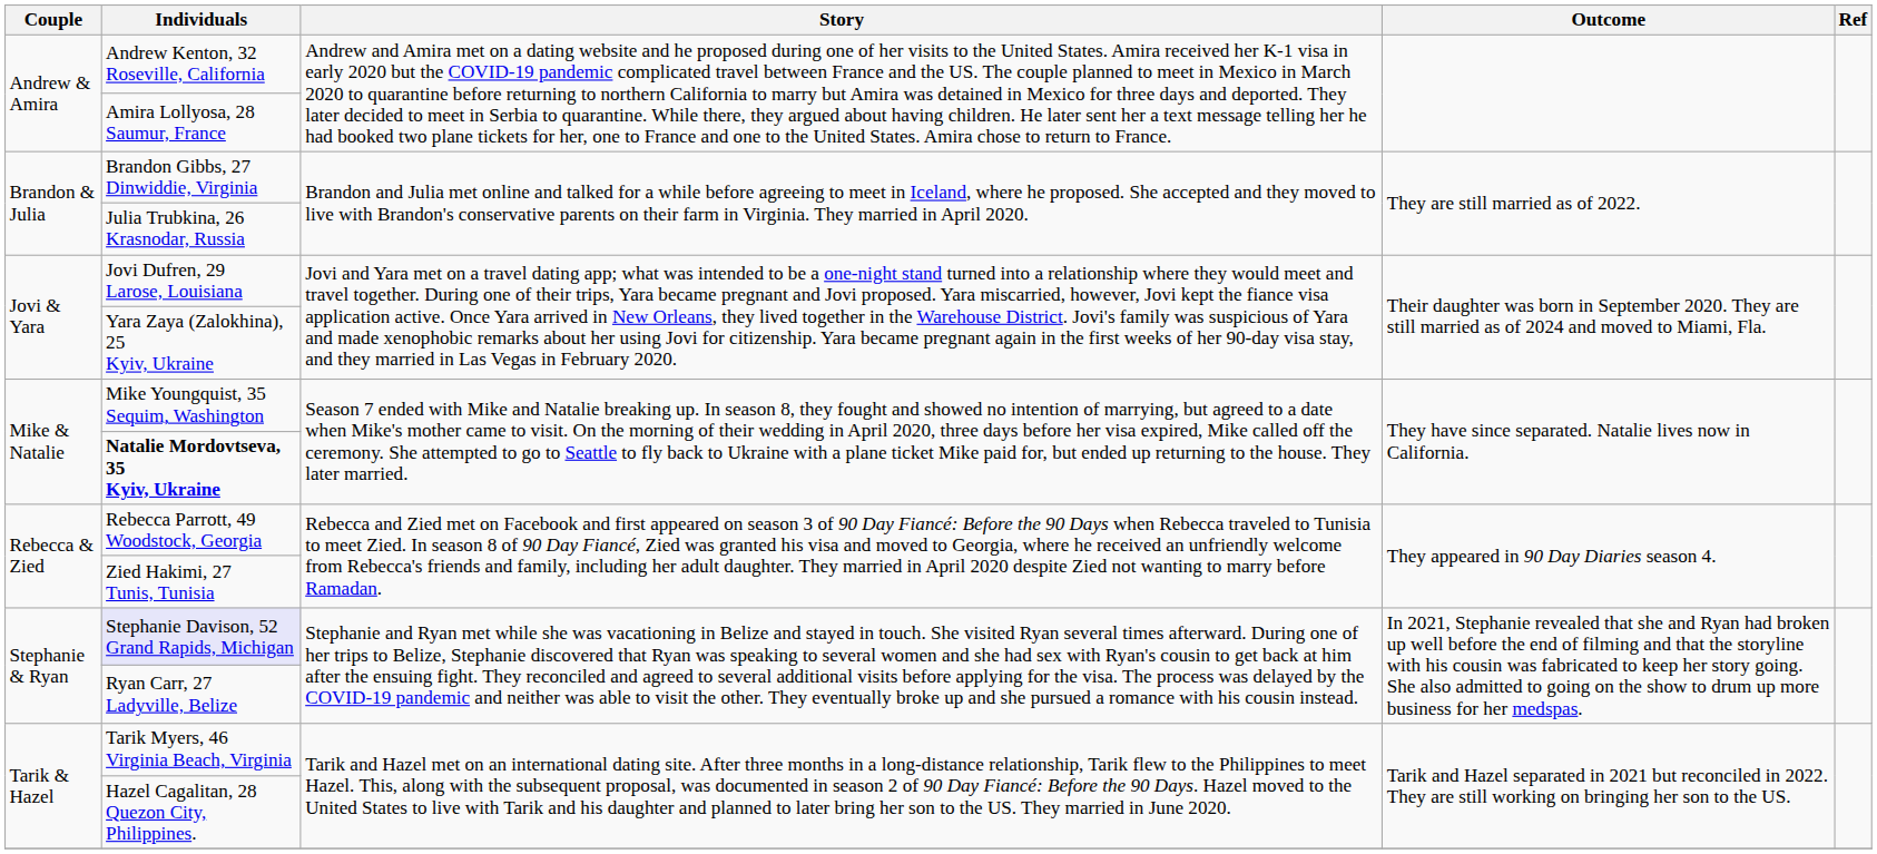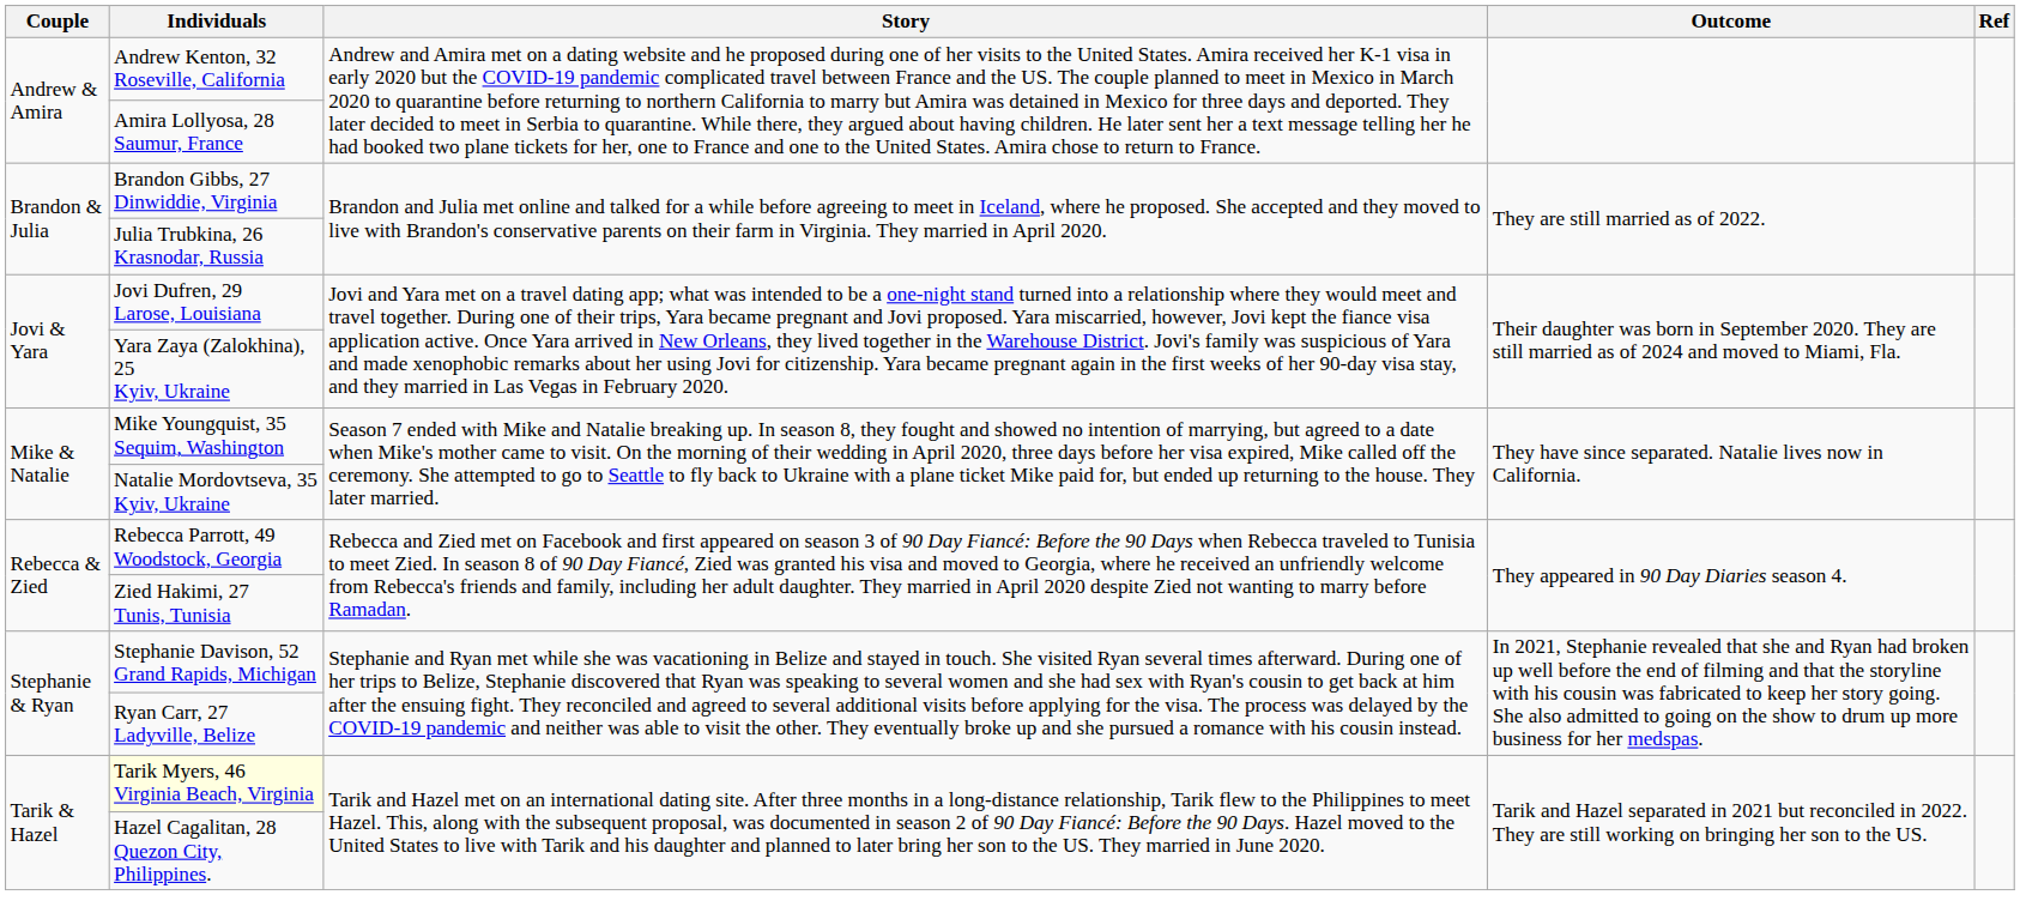 <table class="wikitable sortable">
 <tr>
 <th>Couple</th>
 <th style=width:10em>Individuals</th>
 <th>Story</th>
 <th>Outcome</th>
 <th style=width:1em>Ref</th>
 </tr>
 <tr>
 <td rowspan="2">Andrew & Amira</td>
 <td>Andrew Kenton, 32<br><a href='#'>Roseville, California</a></td>
 <td rowspan="2">Andrew and Amira met on a dating website and he proposed during one of her visits to the United States. Amira received her K-1 visa in early 2020 but the <a href='#'>COVID-19 pandemic</a> complicated travel between France and the US. The couple planned to meet in Mexico in March 2020 to quarantine before returning to northern California to marry but Amira was detained in Mexico for three days and deported. They later decided to meet in Serbia to quarantine. While there, they argued about having children. He later sent her a text message telling her he had booked two plane tickets for her, one to France and one to the United States. Amira chose to return to France.</td>
 <td rowspan="2"></td>
 <td rowspan="2"></td>
 </tr>
 <tr>
 <td>Amira Lollyosa, 28<br><a href='#'>Saumur, France</a></td>
 </tr>
 <tr>
 <td rowspan="2">Brandon & Julia</td>
 <td>Brandon Gibbs, 27<br><a href='#'>Dinwiddie, Virginia</a></td>
 <td rowspan="2">Brandon and Julia met online and talked for a while before agreeing to meet in <a href='#'>Iceland</a>, where he proposed. She accepted and they moved to live with Brandon's conservative parents on their farm in Virginia. They married in April 2020.</td>
 <td rowspan="2">They are still married as of 2022.</td>
 <td rowspan="2"></td>
 </tr>
 <tr>
 <td>Julia Trubkina, 26<br><a href='#'>Krasnodar, Russia</a></td>
 </tr>
 <tr>
 <td rowspan="2">Jovi & Yara</td>
 <td>Jovi Dufren, 29<br><a href='#'>Larose, Louisiana</a></td>
 <td rowspan="2">Jovi and Yara met on a travel dating app; what was intended to be a <a href='#'>one-night stand</a> turned into a relationship where they would meet and travel together. During one of their trips, Yara became pregnant and Jovi proposed. Yara miscarried, however, Jovi kept the fiance visa application active. Once Yara arrived in <a href='#'>New Orleans</a>, they lived together in the <a href='#'>Warehouse District</a>. Jovi's family was suspicious of Yara and made xenophobic remarks about her using Jovi for citizenship. Yara became pregnant again in the first weeks of her 90-day visa stay, and they married in Las Vegas in February 2020.</td>
 <td rowspan="2">Their daughter was born in September 2020. They are still married as of 2024 and moved to Miami, Fla.</td>
 <td rowspan="2"></td>
 </tr>
 <tr>
 <td>Yara Zaya (Zalokhina), 25<br><a href='#'>Kyiv, Ukraine</a></td>
 </tr>
 <tr>
 <td rowspan="2">Mike & Natalie</td>
 <td>Mike Youngquist, 35<br><a href='#'>Sequim, Washington</a></td>
 <td rowspan="2">Season 7 ended with Mike and Natalie breaking up. In season 8, they fought and showed no intention of marrying, but agreed to a date when Mike's mother came to visit. On the morning of their wedding in April 2020, three days before her visa expired, Mike called off the ceremony. She attempted to go to <a href='#'>Seattle</a> to fly back to Ukraine with a plane ticket Mike paid for, but ended up returning to the house. They later married.</td>
 <td rowspan="2">They have since separated. Natalie lives now in California.</td>
 <td rowspan="2"></td>
 </tr>
 <tr>
-<td><strong>Natalie Mordovtseva, 35<br><a href='#'>Kyiv, Ukraine</a></strong></td>
+<td>Natalie Mordovtseva, 35<br><a href='#'>Kyiv, Ukraine</a></td>
 </tr>
 <tr>
 <td rowspan="2">Rebecca & Zied</td>
 <td>Rebecca Parrott, 49<br><a href='#'>Woodstock, Georgia</a></td>
 <td rowspan="2">Rebecca and Zied met on Facebook and first appeared on season 3 of <em>90 Day Fiancé: Before the 90 Days</em> when Rebecca traveled to Tunisia to meet Zied. In season 8 of <em>90 Day Fiancé</em>, Zied was granted his visa and moved to Georgia, where he received an unfriendly welcome from Rebecca's friends and family, including her adult daughter. They married in April 2020 despite Zied not wanting to marry before <a href='#'>Ramadan</a>.</td>
 <td rowspan="2">They appeared in <em>90 Day Diaries</em> season 4.</td>
 <td rowspan="2"></td>
 </tr>
 <tr>
 <td>Zied Hakimi, 27<br><a href='#'>Tunis, Tunisia</a></td>
 </tr>
 <tr>
 <td rowspan="2">Stephanie & Ryan</td>
-<td style="background: lavender;">Stephanie Davison, 52<br><a href='#'>Grand Rapids, Michigan</a></td>
+<td>Stephanie Davison, 52<br><a href='#'>Grand Rapids, Michigan</a></td>
 <td rowspan="2">Stephanie and Ryan met while she was vacationing in Belize and stayed in touch. She visited Ryan several times afterward. During one of her trips to Belize, Stephanie discovered that Ryan was speaking to several women and she had sex with Ryan's cousin to get back at him after the ensuing fight. They reconciled and agreed to several additional visits before applying for the visa. The process was delayed by the <a href='#'>COVID-19 pandemic</a> and neither was able to visit the other. They eventually broke up and she pursued a romance with his cousin instead.</td>
 <td rowspan="2">In 2021, Stephanie revealed that she and Ryan had broken up well before the end of filming and that the storyline with his cousin was fabricated to keep her story going. She also admitted to going on the show to drum up more business for her <a href='#'>medspas</a>.</td>
 <td rowspan="2"></td>
 </tr>
 <tr>
 <td>Ryan Carr, 27<br><a href='#'>Ladyville, Belize</a></td>
 </tr>
 <tr>
 <td rowspan="2">Tarik & Hazel</td>
-<td>Tarik Myers, 46<br><a href='#'>Virginia Beach, Virginia</a></td>
+<td style="background: lightyellow;">Tarik Myers, 46<br><a href='#'>Virginia Beach, Virginia</a></td>
 <td rowspan="2">Tarik and Hazel met on an international dating site. After three months in a long-distance relationship, Tarik flew to the Philippines to meet Hazel. This, along with the subsequent proposal, was documented in season 2 of <em>90 Day Fiancé: Before the 90 Days</em>. Hazel moved to the United States to live with Tarik and his daughter and planned to later bring her son to the US. They married in June 2020.</td>
 <td rowspan="2">Tarik and Hazel separated in 2021 but reconciled in 2022. They are still working on bringing her son to the US.</td>
 <td rowspan="2"></td>
 </tr>
 <tr>
 <td>Hazel Cagalitan, 28<br><a href='#'>Quezon City, Philippines</a>.</td>
 </tr>
 <tr>
 </tr>
 </table>
